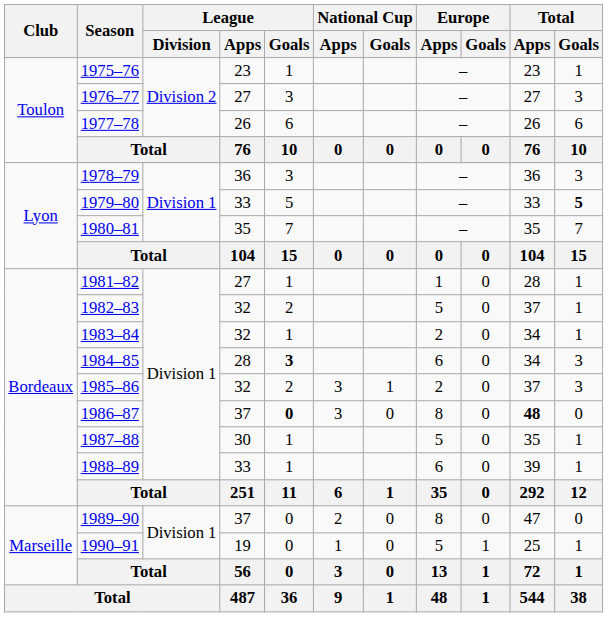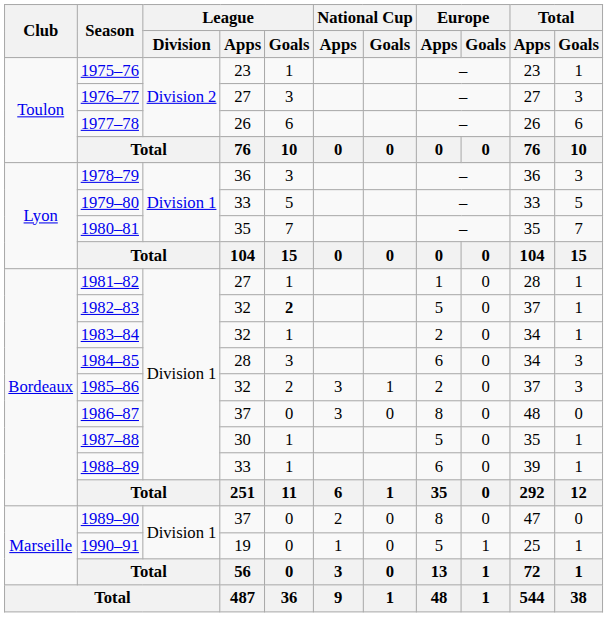 <table class=wikitable style=text-align:center>
 <tr>
 <th rowspan=2>Club</th>
 <th rowspan=2>Season</th>
 <th colspan=3>League</th>
 <th colspan=2>National Cup</th>
 <th colspan=2>Europe</th>
 <th colspan=2>Total</th>
 </tr>
 <tr>
 <th>Division</th>
 <th>Apps</th>
 <th>Goals</th>
 <th>Apps</th>
 <th>Goals</th>
 <th>Apps</th>
 <th>Goals</th>
 <th>Apps</th>
 <th>Goals</th>
 </tr>
 <tr>
 <td rowspan="4"><a href='#'>Toulon</a></td>
 <td><a href='#'>1975–76</a></td>
 <td rowspan="3"><a href='#'>Division 2</a></td>
 <td>23</td>
 <td>1</td>
 <td></td>
 <td></td>
 <td colspan="2">–</td>
 <td>23</td>
 <td>1</td>
 </tr>
 <tr>
 <td><a href='#'>1976–77</a></td>
 <td>27</td>
 <td>3</td>
 <td></td>
 <td></td>
 <td colspan="2">–</td>
 <td>27</td>
 <td>3</td>
 </tr>
 <tr>
 <td><a href='#'>1977–78</a></td>
 <td>26</td>
 <td>6</td>
 <td></td>
 <td></td>
 <td colspan="2">–</td>
 <td>26</td>
 <td>6</td>
 </tr>
 <tr>
 <th colspan="2">Total</th>
 <th>76</th>
 <th>10</th>
 <th>0</th>
 <th>0</th>
 <th>0</th>
 <th>0</th>
 <th>76</th>
 <th>10</th>
 </tr>
 <tr>
 <td rowspan="4"><a href='#'>Lyon</a></td>
 <td><a href='#'>1978–79</a></td>
 <td rowspan="3"><a href='#'>Division 1</a></td>
 <td>36</td>
 <td>3</td>
 <td></td>
 <td></td>
 <td colspan="2">–</td>
 <td>36</td>
 <td>3</td>
 </tr>
 <tr>
 <td><a href='#'>1979–80</a></td>
 <td>33</td>
 <td>5</td>
 <td></td>
 <td></td>
 <td colspan="2">–</td>
 <td>33</td>
-<td><strong>5</strong></td>
+<td>5</td>
 </tr>
 <tr>
 <td><a href='#'>1980–81</a></td>
 <td>35</td>
 <td>7</td>
 <td></td>
 <td></td>
 <td colspan="2">–</td>
 <td>35</td>
 <td>7</td>
 </tr>
 <tr>
 <th colspan="2">Total</th>
 <th>104</th>
 <th>15</th>
 <th>0</th>
 <th>0</th>
 <th>0</th>
 <th>0</th>
 <th>104</th>
 <th>15</th>
 </tr>
 <tr>
 <td rowspan="9"><a href='#'>Bordeaux</a></td>
 <td><a href='#'>1981–82</a></td>
 <td rowspan="8">Division 1</td>
 <td>27</td>
 <td>1</td>
 <td></td>
 <td></td>
 <td>1</td>
 <td>0</td>
 <td>28</td>
 <td>1</td>
 </tr>
 <tr>
 <td><a href='#'>1982–83</a></td>
 <td>32</td>
-<td>2</td>
+<td><strong>2</strong></td>
 <td></td>
 <td></td>
 <td>5</td>
 <td>0</td>
 <td>37</td>
 <td>1</td>
 </tr>
 <tr>
 <td><a href='#'>1983–84</a></td>
 <td>32</td>
 <td>1</td>
 <td></td>
 <td></td>
 <td>2</td>
 <td>0</td>
 <td>34</td>
 <td>1</td>
 </tr>
 <tr>
 <td><a href='#'>1984–85</a></td>
 <td>28</td>
-<td><strong>3</strong></td>
+<td>3</td>
 <td></td>
 <td></td>
 <td>6</td>
 <td>0</td>
 <td>34</td>
 <td>3</td>
 </tr>
 <tr>
 <td><a href='#'>1985–86</a></td>
 <td>32</td>
 <td>2</td>
 <td>3</td>
 <td>1</td>
 <td>2</td>
 <td>0</td>
 <td>37</td>
 <td>3</td>
 </tr>
 <tr>
 <td><a href='#'>1986–87</a></td>
 <td>37</td>
-<td><strong>0</strong></td>
+<td>0</td>
 <td>3</td>
 <td>0</td>
 <td>8</td>
 <td>0</td>
-<td><strong>48</strong></td>
+<td>48</td>
 <td>0</td>
 </tr>
 <tr>
 <td><a href='#'>1987–88</a></td>
 <td>30</td>
 <td>1</td>
 <td></td>
 <td></td>
 <td>5</td>
 <td>0</td>
 <td>35</td>
 <td>1</td>
 </tr>
 <tr>
 <td><a href='#'>1988–89</a></td>
 <td>33</td>
 <td>1</td>
 <td></td>
 <td></td>
 <td>6</td>
 <td>0</td>
 <td>39</td>
 <td>1</td>
 </tr>
 <tr>
 <th colspan="2">Total</th>
 <th>251</th>
 <th>11</th>
 <th>6</th>
 <th>1</th>
 <th>35</th>
 <th>0</th>
 <th>292</th>
 <th>12</th>
 </tr>
 <tr>
 <td rowspan="3"><a href='#'>Marseille</a></td>
 <td><a href='#'>1989–90</a></td>
 <td rowspan="2">Division 1</td>
 <td>37</td>
 <td>0</td>
 <td>2</td>
 <td>0</td>
 <td>8</td>
 <td>0</td>
 <td>47</td>
 <td>0</td>
 </tr>
 <tr>
 <td><a href='#'>1990–91</a></td>
 <td>19</td>
 <td>0</td>
 <td>1</td>
 <td>0</td>
 <td>5</td>
 <td>1</td>
 <td>25</td>
 <td>1</td>
 </tr>
 <tr>
 <th colspan="2">Total</th>
 <th>56</th>
 <th>0</th>
 <th>3</th>
 <th>0</th>
 <th>13</th>
 <th>1</th>
 <th>72</th>
 <th>1</th>
 </tr>
 <tr>
 <th colspan="3">Total</th>
 <th>487</th>
 <th>36</th>
 <th>9</th>
 <th>1</th>
 <th>48</th>
 <th>1</th>
 <th>544</th>
 <th>38</th>
 </tr>
 </table>
